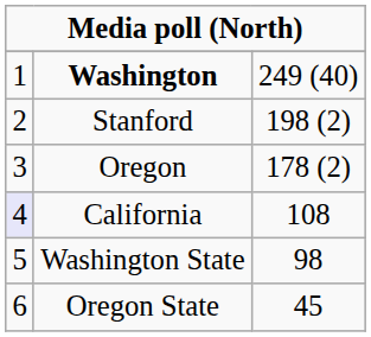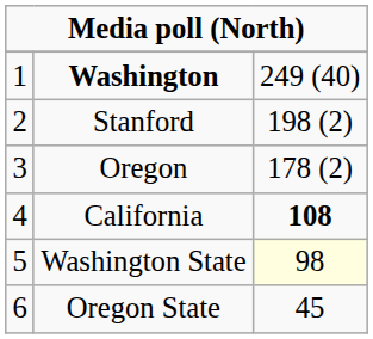 <table class="wikitable">
 <tr align="center">
 <td align="center" Colspan="3"><strong>Media poll (North)</strong></td>
 </tr>
 <tr align="center">
 </tr>
 <tr align="center">
 <td>1</td>
 <td><strong>Washington</strong></td>
 <td>249 (40)</td>
 </tr>
 <tr align="center">
 <td>2</td>
 <td>Stanford</td>
 <td>198 (2)</td>
 </tr>
 <tr align="center">
 <td>3</td>
 <td>Oregon</td>
 <td>178 (2)</td>
 </tr>
 <tr align="center">
-<td style="background: lavender;">4</td>
+<td>4</td>
 <td>California</td>
-<td>108</td>
+<td><strong>108</strong></td>
 </tr>
 <tr align="center">
 <td>5</td>
 <td>Washington State</td>
-<td>98</td>
+<td style="background: lightyellow;">98</td>
 </tr>
 <tr align="center">
 <td>6</td>
 <td>Oregon State</td>
 <td>45</td>
 </tr>
 </table>
